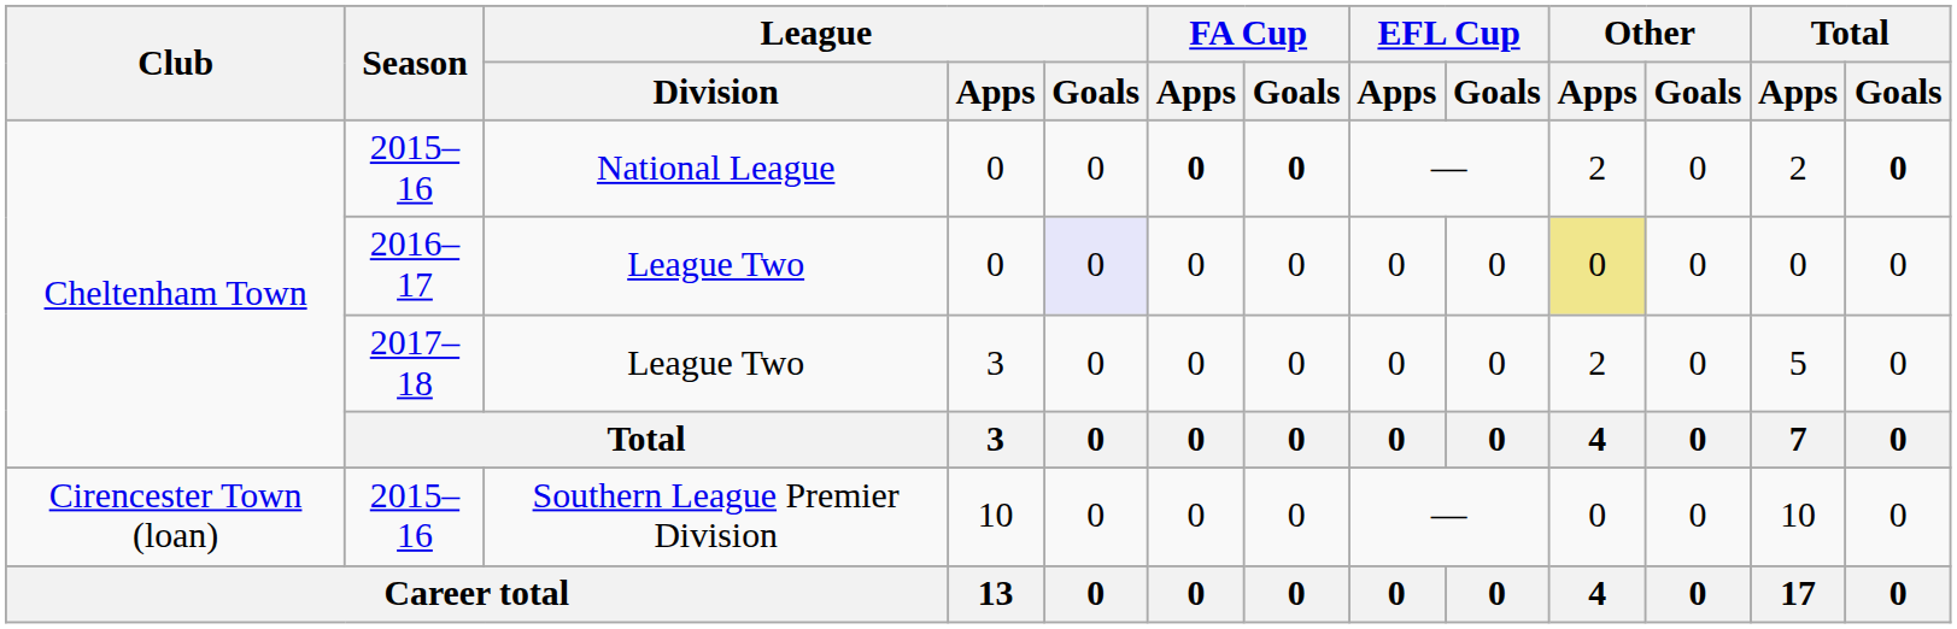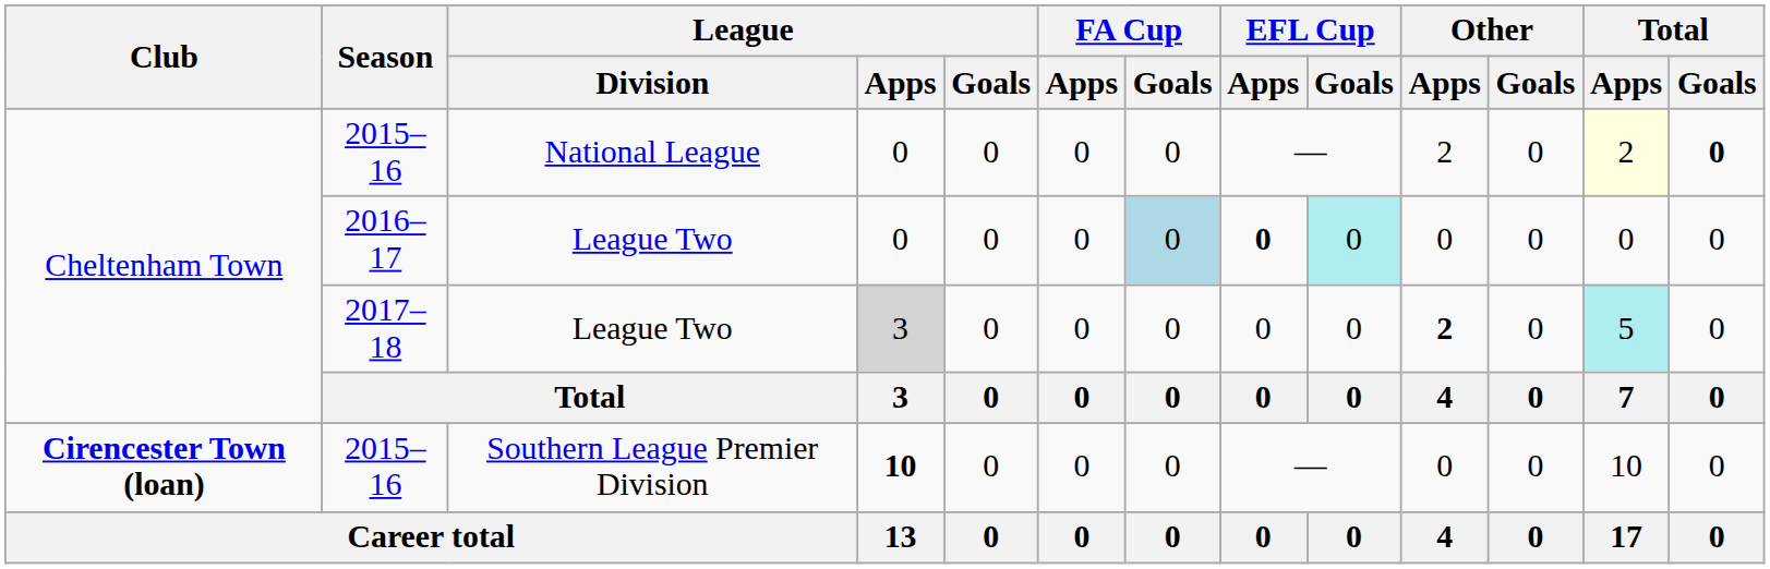 <table class="wikitable" style="text-align: center;">
 <tr>
 <th rowspan="2">Club</th>
 <th rowspan="2">Season</th>
 <th colspan="3">League</th>
 <th colspan="2"><a href='#'>FA Cup</a></th>
 <th colspan="2"><a href='#'>EFL Cup</a></th>
 <th colspan="2">Other</th>
 <th colspan="2">Total</th>
 </tr>
 <tr>
 <th>Division</th>
 <th>Apps</th>
 <th>Goals</th>
 <th>Apps</th>
 <th>Goals</th>
 <th>Apps</th>
 <th>Goals</th>
 <th>Apps</th>
 <th>Goals</th>
 <th>Apps</th>
 <th>Goals</th>
 </tr>
 <tr>
 <td rowspan="4" valign="center"><a href='#'>Cheltenham Town</a></td>
 <td><a href='#'>2015–16</a></td>
 <td><a href='#'>National League</a></td>
 <td>0</td>
 <td>0</td>
-<td><strong>0</strong></td>
-<td><strong>0</strong></td>
+<td>0</td>
+<td>0</td>
 <td colspan="2">—</td>
 <td>2</td>
 <td>0</td>
-<td>2</td>
+<td style="background: lightyellow;">2</td>
 <td><strong>0</strong></td>
 </tr>
 <tr>
 <td><a href='#'>2016–17</a></td>
 <td><a href='#'>League Two</a></td>
 <td>0</td>
-<td style="background: lavender;">0</td>
 <td>0</td>
 <td>0</td>
+<td style="background: lightblue;">0</td>
+<td><strong>0</strong></td>
+<td style="background: paleturquoise;">0</td>
 <td>0</td>
-<td>0</td>
-<td style="background: khaki;">0</td>
 <td>0</td>
 <td>0</td>
 <td>0</td>
 </tr>
 <tr>
 <td><a href='#'>2017–18</a></td>
 <td>League Two</td>
-<td>3</td>
+<td style="background: lightgrey;">3</td>
 <td>0</td>
 <td>0</td>
 <td>0</td>
 <td>0</td>
 <td>0</td>
-<td>2</td>
+<td><strong>2</strong></td>
 <td>0</td>
-<td>5</td>
+<td style="background: paleturquoise;">5</td>
 <td>0</td>
 </tr>
 <tr>
 <th colspan="2">Total</th>
 <th>3</th>
 <th>0</th>
 <th>0</th>
 <th>0</th>
 <th>0</th>
 <th>0</th>
 <th>4</th>
 <th>0</th>
 <th>7</th>
 <th>0</th>
 </tr>
 <tr>
-<td rowspan="1" valign="center"><a href='#'>Cirencester Town</a> (loan)</td>
+<td rowspan="1" valign="center"><strong><a href='#'>Cirencester Town</a> (loan)</strong></td>
 <td><a href='#'>2015–16</a></td>
 <td><a href='#'>Southern League</a> Premier Division</td>
-<td>10</td>
+<td><strong>10</strong></td>
 <td>0</td>
 <td>0</td>
 <td>0</td>
 <td colspan="2">—</td>
 <td>0</td>
 <td>0</td>
 <td>10</td>
 <td>0</td>
 </tr>
 <tr>
 <th colspan="3">Career total</th>
 <th>13</th>
 <th>0</th>
 <th>0</th>
 <th>0</th>
 <th>0</th>
 <th>0</th>
 <th>4</th>
 <th>0</th>
 <th>17</th>
 <th>0</th>
 </tr>
 </table>
